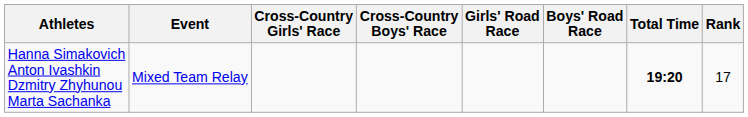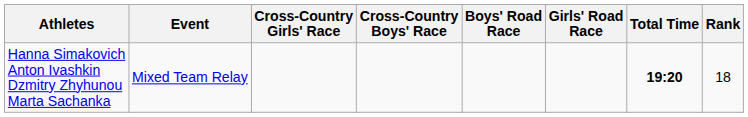 <table class="wikitable" style="font-size:90%;">
 <tr>
 <th>Athletes</th>
 <th>Event</th>
 <th>Cross-Country<br>Girls' Race</th>
 <th>Cross-Country<br>Boys' Race</th>
+<th>Boys' Road<br>Race</th>
 <th>Girls' Road<br>Race</th>
-<th>Boys' Road<br>Race</th>
 <th>Total Time</th>
 <th>Rank</th>
 </tr>
 <tr align=center>
 <td align=left><a href='#'>Hanna Simakovich</a><br><a href='#'>Anton Ivashkin</a><br><a href='#'>Dzmitry Zhyhunou</a><br><a href='#'>Marta Sachanka</a></td>
 <td align=left><a href='#'>Mixed Team Relay</a></td>
 <td></td>
 <td></td>
 <td></td>
 <td></td>
 <td><strong>19:20</strong></td>
-<td>17</td>
+<td>18</td>
 </tr>
 </table>
